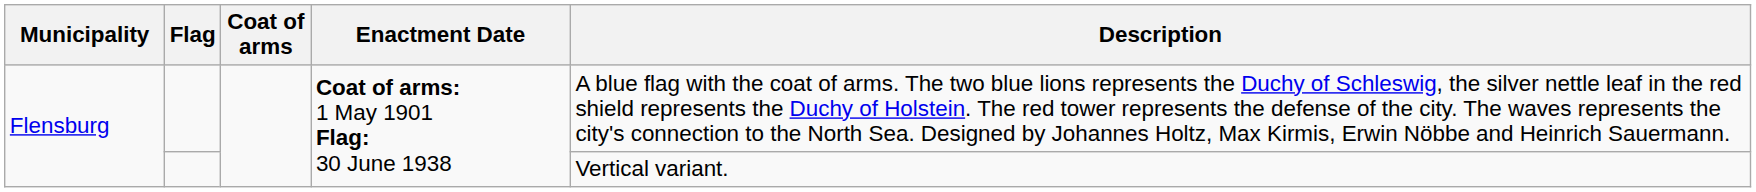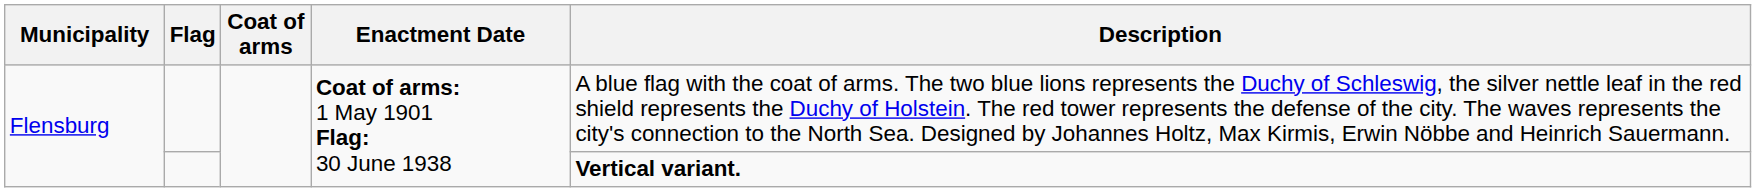 <table class="wikitable">
 <tr>
 <th style="width:12ch;">Municipality</th>
 <th>Flag</th>
 <th>Coat of arms</th>
 <th style="width:20ch;">Enactment Date</th>
 <th>Description</th>
 </tr>
 <tr>
 <td rowspan="2"><a href='#'>Flensburg</a></td>
 <td></td>
 <td rowspan="2"></td>
 <td rowspan="2"><strong>Coat of arms:</strong><br>1 May 1901<br><strong>Flag:</strong><br>30 June 1938</td>
 <td>A blue flag with the coat of arms. The two blue lions represents the <a href='#'>Duchy of Schleswig</a>, the silver nettle leaf in the red shield represents the <a href='#'>Duchy of Holstein</a>. The red tower represents the defense of the city. The waves represents the city's connection to the North Sea. Designed by Johannes Holtz, Max Kirmis, Erwin Nöbbe and Heinrich Sauermann.</td>
 </tr>
 <tr>
 <td></td>
-<td>Vertical variant.</td>
+<td><strong>Vertical variant.</strong></td>
 </tr>
 </table>
